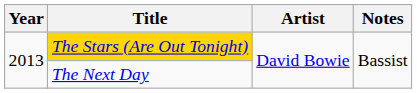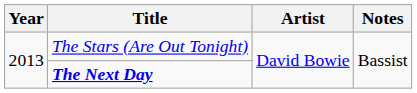 <table class="wikitable plainrowheaders sortable" style="margin-right: 0;">
 <tr>
 <th scope="col">Year</th>
 <th scope="col">Title</th>
 <th scope="col">Artist</th>
 <th scope="col" class="unsortable">Notes</th>
 </tr>
 <tr>
 <td rowspan=2>2013</td>
-<td style="background: gold;"><em><a href='#'>The Stars (Are Out Tonight)</a></em></td>
+<td><em><a href='#'>The Stars (Are Out Tonight)</a></em></td>
 <td rowspan=2><a href='#'>David Bowie</a></td>
 <td rowspan=2>Bassist</td>
 </tr>
 <tr>
-<td><em><a href='#'>The Next Day</a></em></td>
+<td><strong><em><a href='#'>The Next Day</a></em></strong></td>
 </tr>
 </table>
